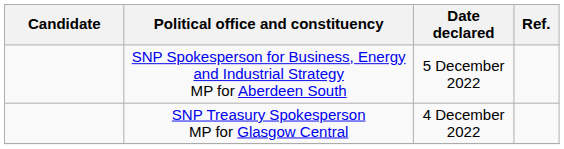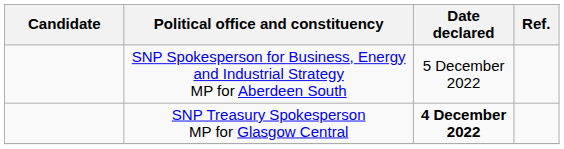 <table class="wikitable" style="text-align:center">
 <tr>
 <th scope="col" style="width: 120px">Candidate</th>
 <th scope="col" style="width: 300px">Political office and constituency</th>
 <th scope="col" style="width: 100px">Date declared</th>
 <th scope="col" style="width: 40px" ! class="unsortable">Ref.</th>
 </tr>
 <tr>
 <td></td>
 <td><a href='#'>SNP Spokesperson for Business, Energy and Industrial Strategy</a> <br>MP for <a href='#'>Aberdeen South</a> </td>
 <td>5 December 2022</td>
 <td></td>
 </tr>
 <tr>
 <td></td>
 <td><a href='#'>SNP Treasury Spokesperson</a> <br>MP for <a href='#'>Glasgow Central</a> </td>
-<td>4 December 2022</td>
+<td><strong>4 December 2022</strong></td>
 <td></td>
 </tr>
 <tr>
 </tr>
 </table>
